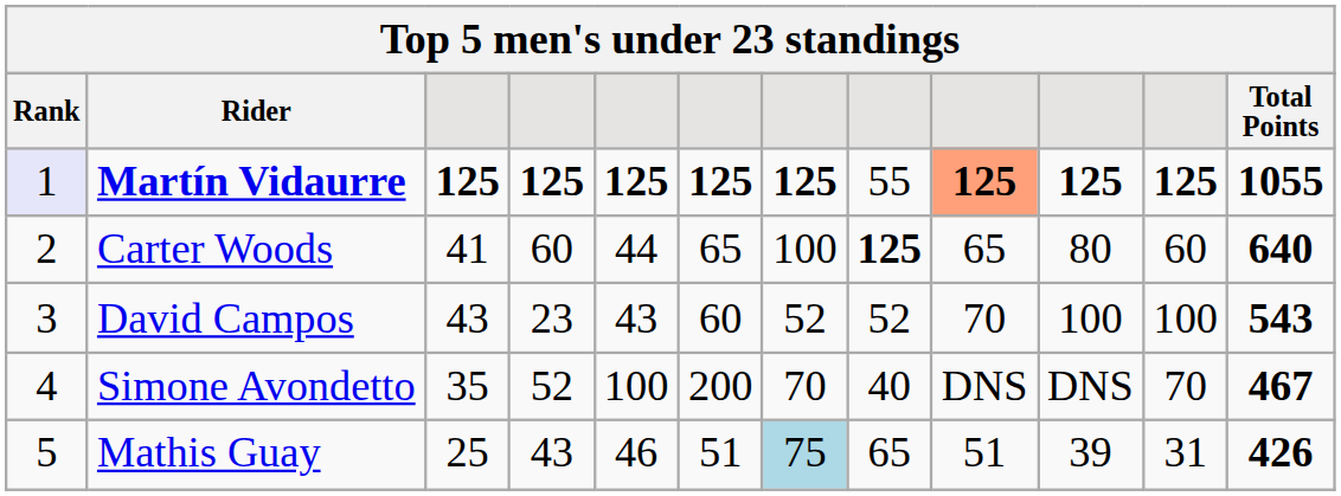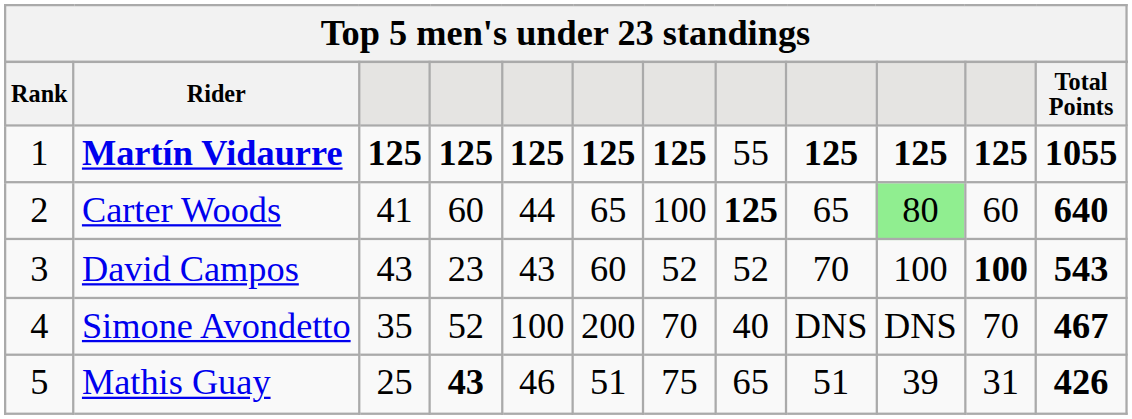 <table class="wikitable sortable">
 <tr>
 <th colspan=27 align="center"><strong>Top 5 men's under 23 standings</strong></th>
 </tr>
 <tr>
 </tr>
 <tr style="font-size:8pt;font-weight:bold">
 <th align="center">Rank</th>
 <th align="center">Rider</th>
 <th class=unsortable style="background:#E5E4E2;"><small></small></th>
 <th class=unsortable style="background:#E5E4E2;"><small></small></th>
 <th class=unsortable style="background:#E5E4E2;"><small></small></th>
 <th class=unsortable style="background:#E5E4E2;"><small></small></th>
 <th class=unsortable style="background:#E5E4E2;"><small></small></th>
 <th class=unsortable style="background:#E5E4E2;"><small></small></th>
 <th class=unsortable style="background:#E5E4E2;"><small></small></th>
 <th class=unsortable style="background:#E5E4E2;"><small></small></th>
 <th class=unsortable style="background:#E5E4E2;"><small></small></th>
 <th align="center">Total<br>Points</th>
 </tr>
 <tr>
-<td align=center style="background: lavender;">1</td>
+<td align=center>1</td>
 <td> <strong><a href='#'>Martín Vidaurre</a></strong></td>
 <td align=center><strong>125</strong></td>
 <td align=center><strong>125</strong></td>
 <td align=center><strong>125</strong></td>
 <td align=center><strong>125</strong></td>
 <td align=center><strong>125</strong></td>
 <td align=center>55</td>
-<td align=center style="background: lightsalmon;"><strong>125</strong></td>
+<td align=center><strong>125</strong></td>
 <td align=center><strong>125</strong></td>
 <td align=center><strong>125</strong></td>
 <td align=center><strong>1055</strong></td>
 </tr>
 <tr>
 <td align=center>2</td>
 <td> <a href='#'>Carter Woods</a></td>
 <td align=center>41</td>
 <td align=center>60</td>
 <td align=center>44</td>
 <td align=center>65</td>
 <td align=center>100</td>
 <td align=center><strong>125</strong></td>
 <td align=center>65</td>
-<td align=center>80</td>
+<td align=center style="background: lightgreen;">80</td>
 <td align=center>60</td>
 <td align=center><strong>640</strong></td>
 </tr>
 <tr>
 <td align=center>3</td>
 <td> <a href='#'>David Campos</a></td>
 <td align=center>43</td>
 <td align=center>23</td>
 <td align=center>43</td>
 <td align=center>60</td>
 <td align=center>52</td>
 <td align=center>52</td>
 <td align=center>70</td>
 <td align=center>100</td>
-<td align=center>100</td>
+<td align=center><strong>100</strong></td>
 <td align=center><strong>543</strong></td>
 </tr>
 <tr>
 <td align=center>4</td>
 <td> <a href='#'>Simone Avondetto</a></td>
 <td align=center>35</td>
 <td align=center>52</td>
 <td align=center>100</td>
 <td align=center>200</td>
 <td align=center>70</td>
 <td align=center>40</td>
 <td align=center>DNS</td>
 <td align=center>DNS</td>
 <td align=center>70</td>
 <td align=center><strong>467</strong></td>
 </tr>
 <tr>
 <td align=center>5</td>
 <td> <a href='#'>Mathis Guay</a></td>
 <td align=center>25</td>
-<td align=center>43</td>
+<td align=center><strong>43</strong></td>
 <td align=center>46</td>
 <td align=center>51</td>
-<td align=center style="background: lightblue;">75</td>
+<td align=center>75</td>
 <td align=center>65</td>
 <td align=center>51</td>
 <td align=center>39</td>
 <td align=center>31</td>
 <td align=center><strong>426</strong><br></td>
 </tr>
 </table>
